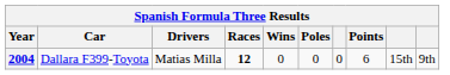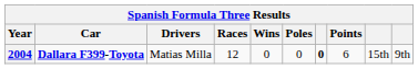 <table class="wikitable" style="text-align:center; font-size:85%">
 <tr>
 <th colspan=10><a href='#'>Spanish Formula Three</a> Results</th>
 </tr>
 <tr>
 <th>Year</th>
 <th>Car</th>
 <th>Drivers</th>
 <th>Races</th>
 <th>Wins</th>
 <th>Poles</th>
 <th></th>
 <th>Points</th>
 <th></th>
 <th></th>
 </tr>
 <tr>
 <th><a href='#'>2004</a></th>
-<td><a href='#'>Dallara F399</a>-<a href='#'>Toyota</a></td>
+<td><strong><a href='#'>Dallara F399</a>-<a href='#'>Toyota</a></strong></td>
 <td align=left> Matias Milla</td>
-<td><strong>12</strong></td>
+<td>12</td>
 <td>0</td>
 <td>0</td>
-<td>0</td>
+<td><strong>0</strong></td>
 <td>6</td>
 <td>15th</td>
 <td>9th</td>
 </tr>
 </table>
